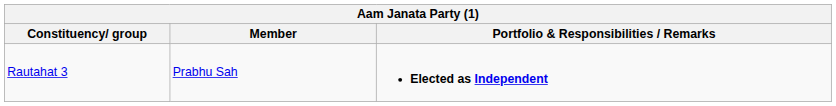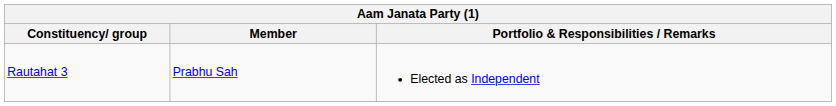 <table class="wikitable">
 <tr>
 <th colspan="3" style="width: 800pt; background:">Aam Janata Party (1)</th>
 </tr>
 <tr>
 <th style="width:20%;">Constituency/ group</th>
 <th style="width:25%;">Member</th>
 <th>Portfolio & Responsibilities / Remarks</th>
 </tr>
 <tr>
 <td><a href='#'>Rautahat 3</a></td>
 <td><a href='#'>Prabhu Sah</a></td>
-<td><strong><br><ul><li>Elected as <a href='#'>Independent</a></li></ul></strong></td>
+<td><br><ul><li>Elected as <a href='#'>Independent</a></li></ul></td>
 </tr>
 </table>
